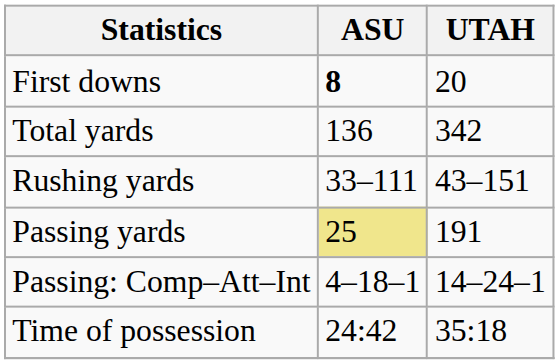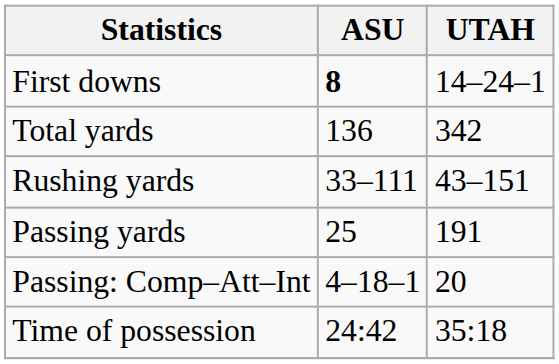 <table class="wikitable" style="float: left;">
 <tr>
 <th>Statistics</th>
 <th>ASU</th>
 <th>UTAH</th>
 </tr>
 <tr>
 <td>First downs</td>
 <td><strong>8</strong></td>
-<td>20</td>
+<td>14–24–1</td>
 </tr>
 <tr>
 <td>Total yards</td>
 <td>136</td>
 <td>342</td>
 </tr>
 <tr>
 <td>Rushing yards</td>
 <td>33–111</td>
 <td>43–151</td>
 </tr>
 <tr>
 <td>Passing yards</td>
-<td style="background: khaki;">25</td>
+<td>25</td>
 <td>191</td>
 </tr>
 <tr>
 <td>Passing: Comp–Att–Int</td>
 <td>4–18–1</td>
-<td>14–24–1</td>
+<td>20</td>
 </tr>
 <tr>
 <td>Time of possession</td>
 <td>24:42</td>
 <td>35:18</td>
 </tr>
 <tr>
 </tr>
 </table>
